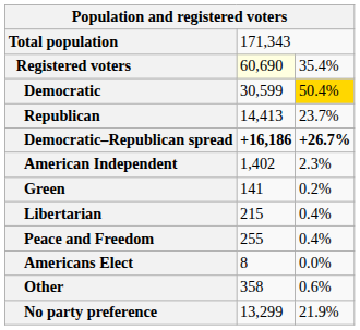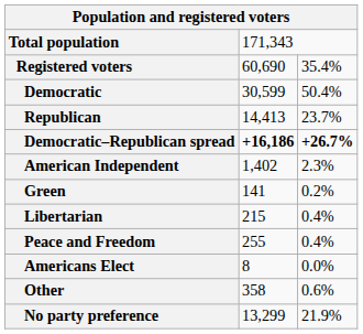 <table class="wikitable collapsible collapsed">
 <tr>
 <th colspan="3">Population and registered voters</th>
 </tr>
 <tr>
 <th scope="row" style="text-align: left;">Total population</th>
 <td colspan="2">171,343</td>
 </tr>
 <tr>
 <th scope="row" style="text-align: left;">  Registered voters</th>
-<td style="background: lightyellow;">60,690</td>
+<td>60,690</td>
 <td>35.4%</td>
 </tr>
 <tr>
 <th scope="row" style="text-align: left;">    Democratic</th>
 <td>30,599</td>
-<td style="background: gold;">50.4%</td>
+<td>50.4%</td>
 </tr>
 <tr>
 <th scope="row" style="text-align: left;">    Republican</th>
 <td>14,413</td>
 <td>23.7%</td>
 </tr>
 <tr>
 <th scope="row" style="text-align: left;">    Democratic–Republican spread</th>
 <td><span><strong>+16,186</strong></span></td>
 <td><span><strong>+26.7%</strong></span></td>
 </tr>
 <tr>
 <th scope="row" style="text-align: left;">    American Independent</th>
 <td>1,402</td>
 <td>2.3%</td>
 </tr>
 <tr>
 <th scope="row" style="text-align: left;">    Green</th>
 <td>141</td>
 <td>0.2%</td>
 </tr>
 <tr>
 <th scope="row" style="text-align: left;">    Libertarian</th>
 <td>215</td>
 <td>0.4%</td>
 </tr>
 <tr>
 <th scope="row" style="text-align: left;">    Peace and Freedom</th>
 <td>255</td>
 <td>0.4%</td>
 </tr>
 <tr>
 <th scope="row" style="text-align: left;">    Americans Elect</th>
 <td>8</td>
 <td>0.0%</td>
 </tr>
 <tr>
 <th scope="row" style="text-align: left;">    Other</th>
 <td>358</td>
 <td>0.6%</td>
 </tr>
 <tr>
 <th scope="row" style="text-align: left;">    No party preference</th>
 <td>13,299</td>
 <td>21.9%</td>
 </tr>
 </table>
